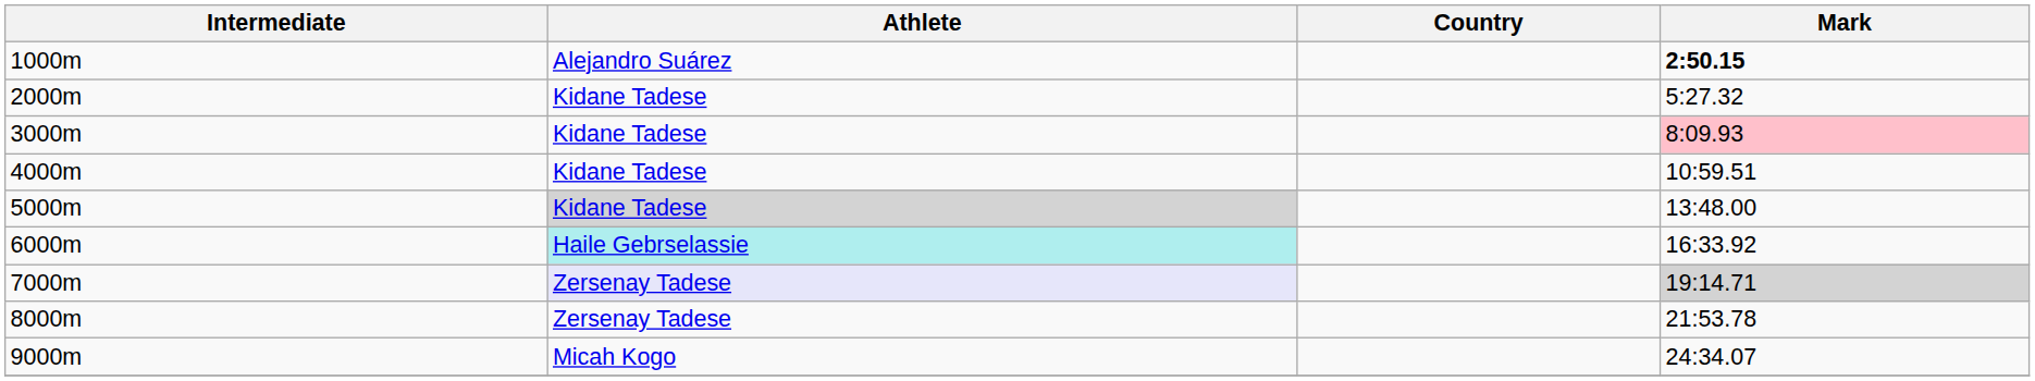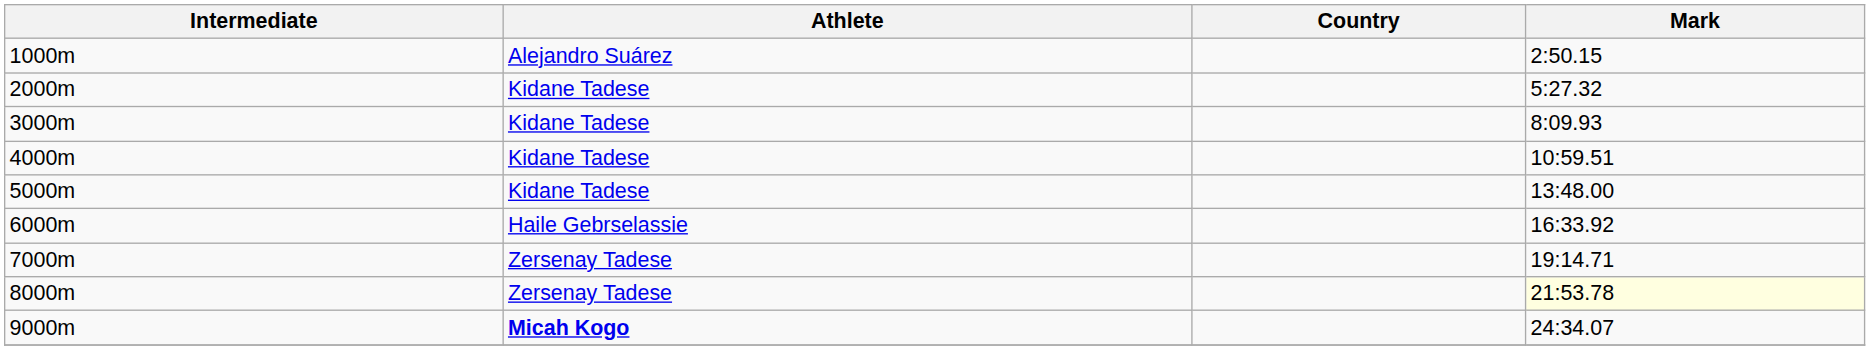 <table class="wikitable" width=70%>
 <tr>
 <th>Intermediate</th>
 <th>Athlete</th>
 <th>Country</th>
 <th>Mark</th>
 </tr>
 <tr>
 <td>1000m</td>
 <td><a href='#'>Alejandro Suárez</a></td>
 <td></td>
-<td><strong>2:50.15</strong></td>
+<td>2:50.15</td>
 </tr>
 <tr>
 <td>2000m</td>
 <td><a href='#'>Kidane Tadese</a></td>
 <td></td>
 <td>5:27.32</td>
 </tr>
 <tr>
 <td>3000m</td>
 <td><a href='#'>Kidane Tadese</a></td>
 <td></td>
-<td style="background: pink;">8:09.93</td>
+<td>8:09.93</td>
 </tr>
 <tr>
 <td>4000m</td>
 <td><a href='#'>Kidane Tadese</a></td>
 <td></td>
 <td>10:59.51</td>
 </tr>
 <tr>
 <td>5000m</td>
-<td style="background: lightgrey;"><a href='#'>Kidane Tadese</a></td>
+<td><a href='#'>Kidane Tadese</a></td>
 <td></td>
 <td>13:48.00</td>
 </tr>
 <tr>
 <td>6000m</td>
-<td style="background: paleturquoise;"><a href='#'>Haile Gebrselassie</a></td>
+<td><a href='#'>Haile Gebrselassie</a></td>
 <td></td>
 <td>16:33.92</td>
 </tr>
 <tr>
 <td>7000m</td>
-<td style="background: lavender;"><a href='#'>Zersenay Tadese</a></td>
+<td><a href='#'>Zersenay Tadese</a></td>
 <td></td>
-<td style="background: lightgrey;">19:14.71</td>
+<td>19:14.71</td>
 </tr>
 <tr>
 <td>8000m</td>
 <td><a href='#'>Zersenay Tadese</a></td>
 <td></td>
-<td>21:53.78</td>
+<td style="background: lightyellow;">21:53.78</td>
 </tr>
 <tr>
 <td>9000m</td>
-<td><a href='#'>Micah Kogo</a></td>
+<td><strong><a href='#'>Micah Kogo</a></strong></td>
 <td></td>
 <td>24:34.07</td>
 </tr>
 <tr>
 </tr>
 </table>
